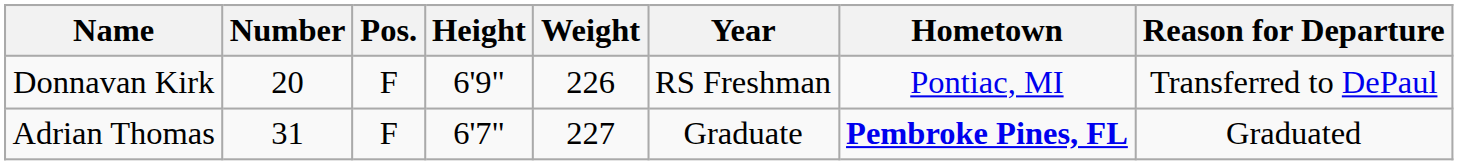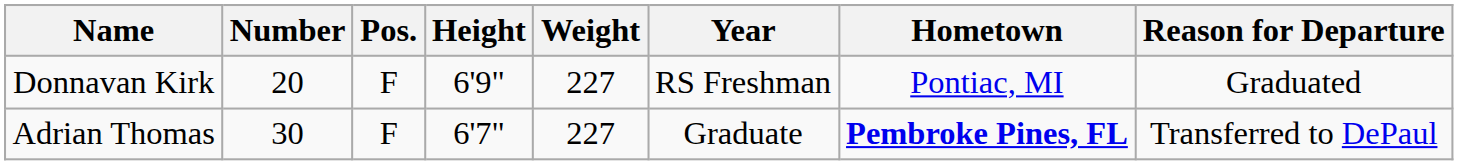 <table class="wikitable sortable" border="1" style="text-align:center;">
 <tr align=center>
 <th>Name</th>
 <th>Number</th>
 <th>Pos.</th>
 <th>Height</th>
 <th>Weight</th>
 <th>Year</th>
 <th>Hometown</th>
 <th>Reason for Departure</th>
 </tr>
 <tr>
 <td>Donnavan Kirk</td>
 <td>20</td>
 <td>F</td>
 <td>6'9"</td>
-<td>226</td>
+<td>227</td>
 <td>RS Freshman</td>
 <td><a href='#'>Pontiac, MI</a></td>
-<td>Transferred to <a href='#'>DePaul</a></td>
+<td>Graduated</td>
 </tr>
 <tr>
 <td>Adrian Thomas</td>
-<td>31</td>
+<td>30</td>
 <td>F</td>
 <td>6'7"</td>
 <td>227</td>
 <td>Graduate</td>
 <td><strong><a href='#'>Pembroke Pines, FL</a></strong></td>
-<td>Graduated</td>
+<td>Transferred to <a href='#'>DePaul</a></td>
 </tr>
 </table>
